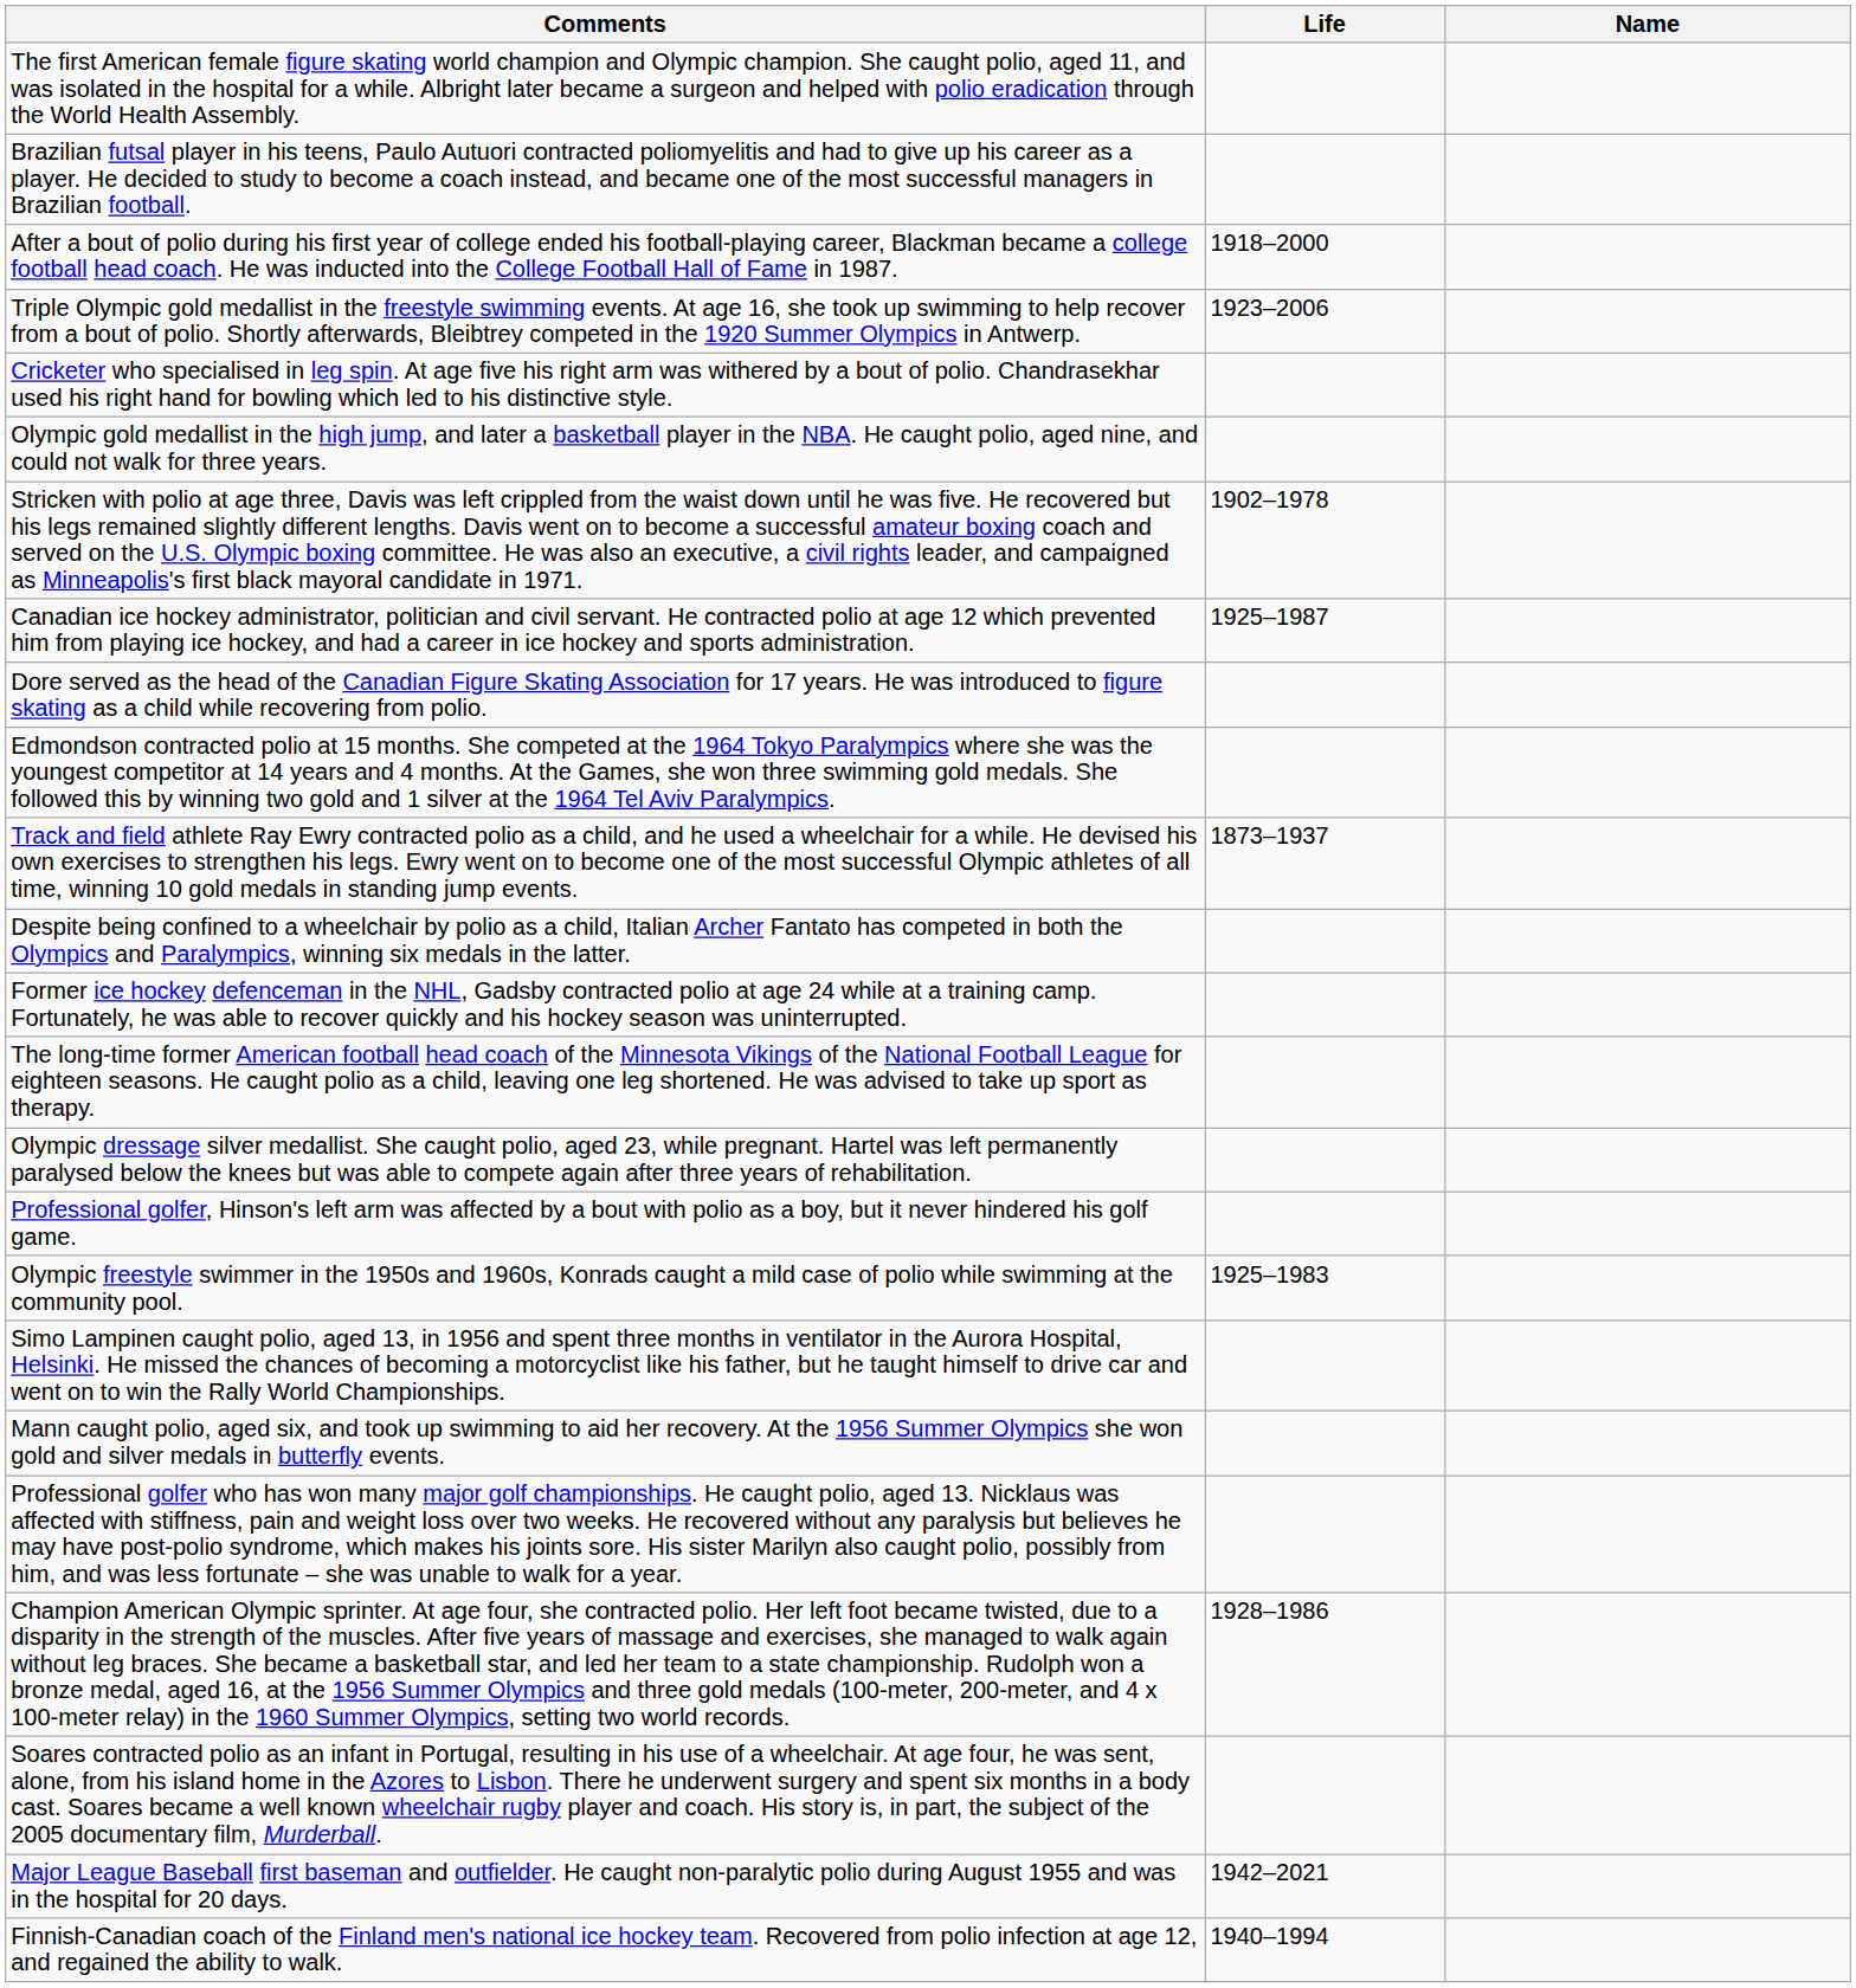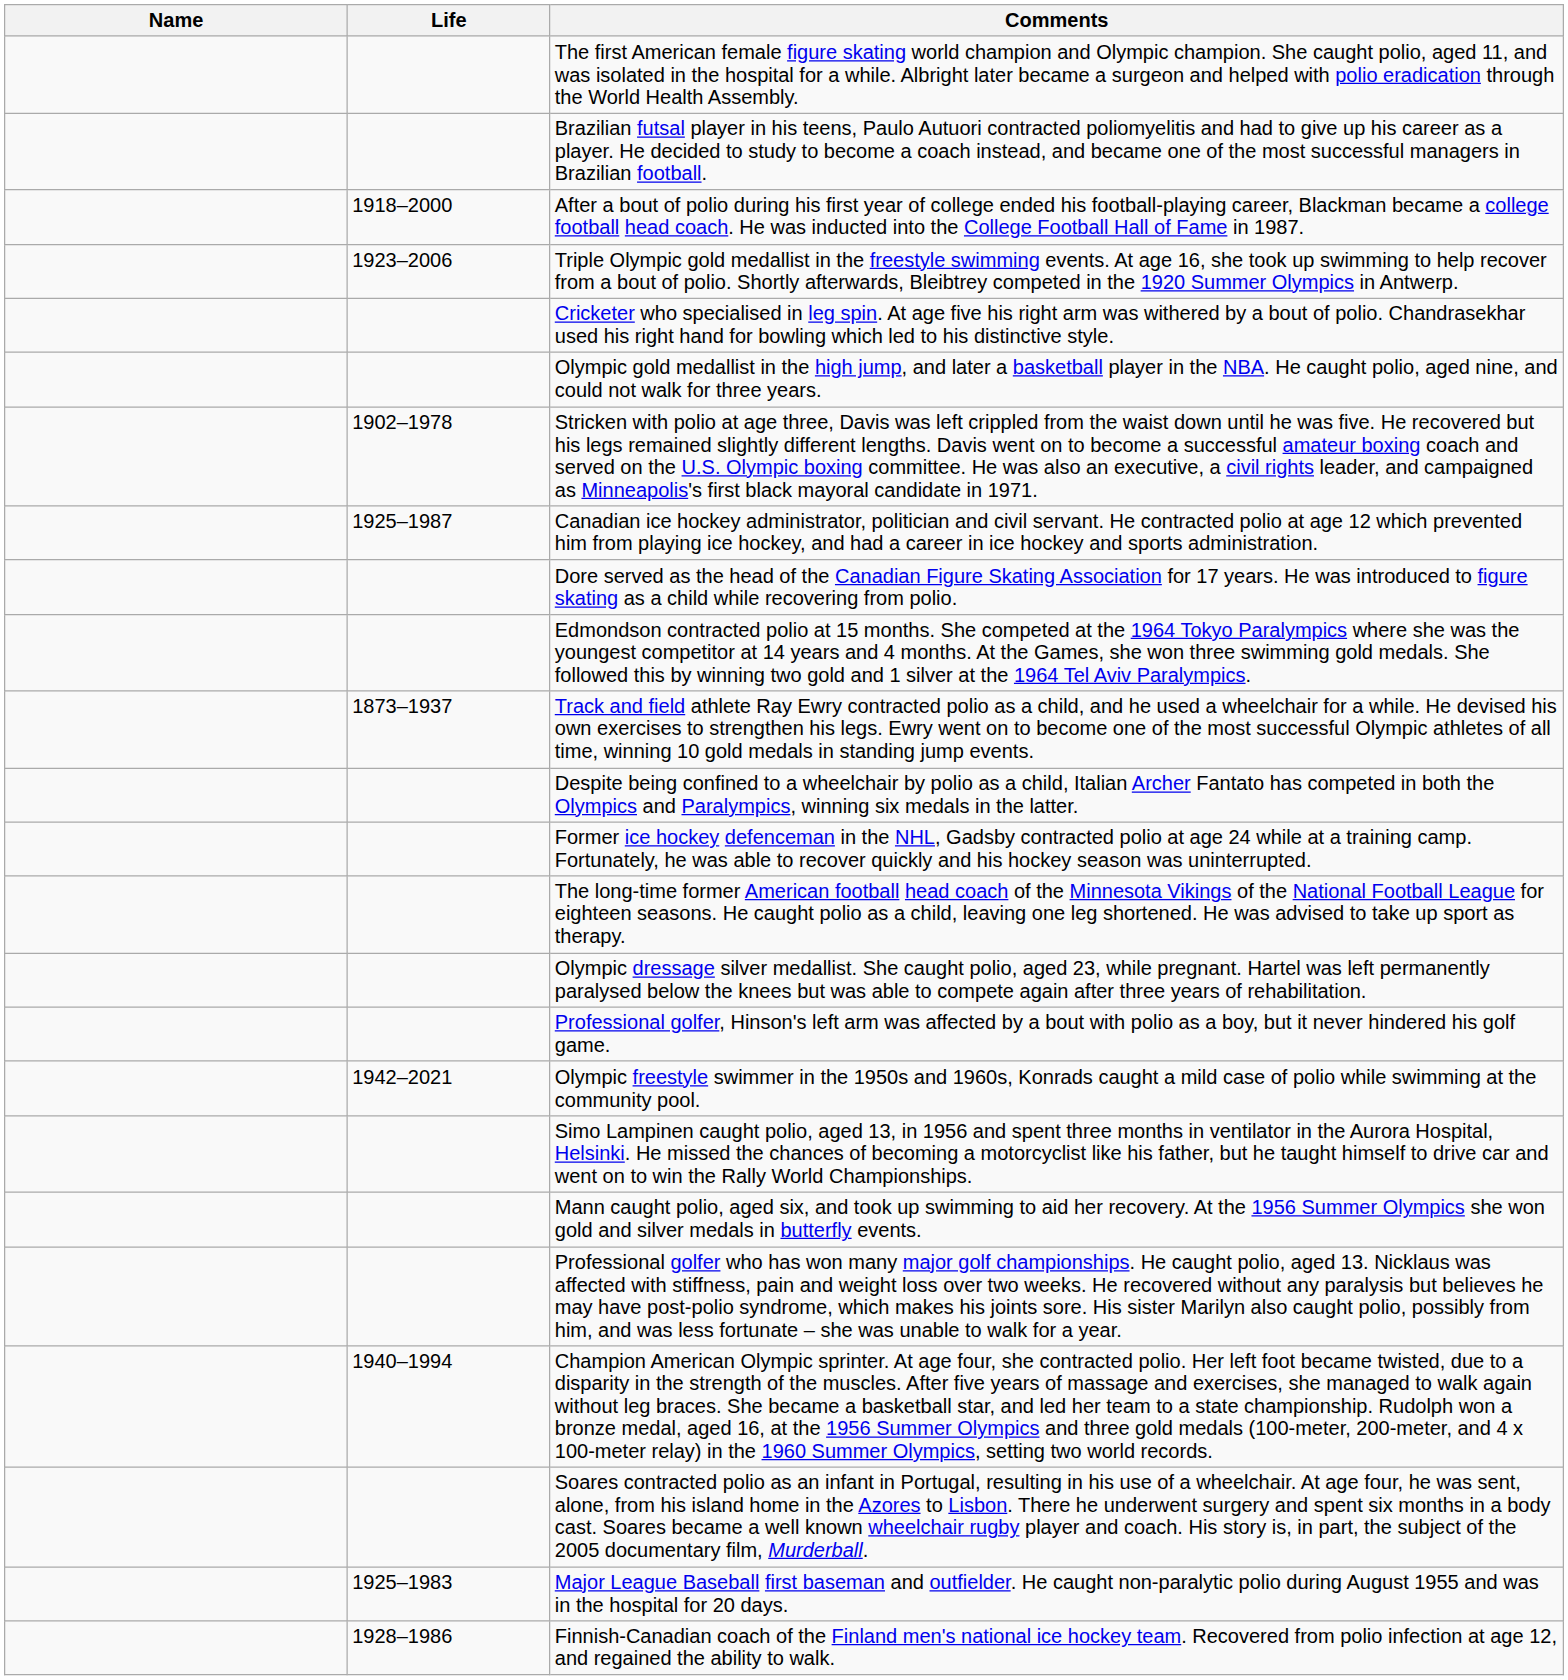 <table class="sortable wikitable">
 <tr>
+<th width="22%">Name</th>
+<th width="13%">Life</th>
 <th class="unsortable" width="65%">Comments</th>
-<th width="13%">Life</th>
-<th width="22%">Name</th>
 </tr>
 <tr valign="top">
-<td>The first American female <a href='#'>figure skating</a> world champion and Olympic champion. She caught polio, aged 11, and was isolated in the hospital for a while. Albright later became a surgeon and helped with <a href='#'>polio eradication</a> through the World Health Assembly.</td>
 <td></td>
 <td></td>
+<td>The first American female <a href='#'>figure skating</a> world champion and Olympic champion. She caught polio, aged 11, and was isolated in the hospital for a while. Albright later became a surgeon and helped with <a href='#'>polio eradication</a> through the World Health Assembly.</td>
 </tr>
 <tr valign="top">
-<td>Brazilian <a href='#'>futsal</a> player in his teens, Paulo Autuori contracted poliomyelitis and had to give up his career as a player. He decided to study to become a coach instead, and became one of the most successful managers in Brazilian <a href='#'>football</a>.</td>
 <td></td>
 <td></td>
+<td>Brazilian <a href='#'>futsal</a> player in his teens, Paulo Autuori contracted poliomyelitis and had to give up his career as a player. He decided to study to become a coach instead, and became one of the most successful managers in Brazilian <a href='#'>football</a>.</td>
 </tr>
 <tr valign="top">
+<td></td>
+<td>1918–2000</td>
 <td>After a bout of polio during his first year of college ended his football-playing career, Blackman became a <a href='#'>college football</a> <a href='#'>head coach</a>. He was inducted into the <a href='#'>College Football Hall of Fame</a> in 1987.</td>
-<td>1918–2000</td>
-<td></td>
 </tr>
 <tr valign="top">
+<td></td>
+<td>1923–2006</td>
 <td>Triple Olympic gold medallist in the <a href='#'>freestyle swimming</a> events. At age 16, she took up swimming to help recover from a bout of polio. Shortly afterwards, Bleibtrey competed in the <a href='#'>1920 Summer Olympics</a> in Antwerp.</td>
-<td>1923–2006</td>
-<td></td>
 </tr>
 <tr valign="top">
-<td><a href='#'>Cricketer</a> who specialised in <a href='#'>leg spin</a>. At age five his right arm was withered by a bout of polio. Chandrasekhar used his right hand for bowling which led to his distinctive style.</td>
 <td></td>
 <td></td>
+<td><a href='#'>Cricketer</a> who specialised in <a href='#'>leg spin</a>. At age five his right arm was withered by a bout of polio. Chandrasekhar used his right hand for bowling which led to his distinctive style.</td>
 </tr>
 <tr valign="top">
-<td>Olympic gold medallist in the <a href='#'>high jump</a>, and later a <a href='#'>basketball</a> player in the <a href='#'>NBA</a>. He caught polio, aged nine, and could not walk for three years.</td>
 <td></td>
 <td></td>
+<td>Olympic gold medallist in the <a href='#'>high jump</a>, and later a <a href='#'>basketball</a> player in the <a href='#'>NBA</a>. He caught polio, aged nine, and could not walk for three years.</td>
 </tr>
 <tr valign="top">
+<td></td>
+<td>1902–1978</td>
 <td>Stricken with polio at age three, Davis was left crippled from the waist down until he was five. He recovered but his legs remained slightly different lengths. Davis went on to become a successful <a href='#'>amateur boxing</a> coach and served on the <a href='#'>U.S. Olympic boxing</a> committee. He was also an executive, a <a href='#'>civil rights</a> leader, and campaigned as <a href='#'>Minneapolis</a>'s first black mayoral candidate in 1971.</td>
-<td>1902–1978</td>
-<td></td>
 </tr>
 <tr valign="top">
+<td></td>
+<td>1925–1987</td>
 <td>Canadian ice hockey administrator, politician and civil servant. He contracted polio at age 12 which prevented him from playing ice hockey, and had a career in ice hockey and sports administration.</td>
-<td>1925–1987</td>
-<td></td>
 </tr>
 <tr valign="top">
-<td>Dore served as the head of the <a href='#'>Canadian Figure Skating Association</a> for 17 years. He was introduced to <a href='#'>figure skating</a> as a child while recovering from polio.</td>
 <td></td>
 <td></td>
+<td>Dore served as the head of the <a href='#'>Canadian Figure Skating Association</a> for 17 years. He was introduced to <a href='#'>figure skating</a> as a child while recovering from polio.</td>
 </tr>
 <tr valign="top">
-<td>Edmondson contracted polio at 15 months. She competed at the <a href='#'>1964 Tokyo Paralympics</a> where she was the youngest competitor at 14 years and 4 months. At the Games, she won three swimming gold medals. She followed this by winning two gold and 1 silver at the <a href='#'>1964 Tel Aviv Paralympics</a>.</td>
 <td></td>
 <td></td>
+<td>Edmondson contracted polio at 15 months. She competed at the <a href='#'>1964 Tokyo Paralympics</a> where she was the youngest competitor at 14 years and 4 months. At the Games, she won three swimming gold medals. She followed this by winning two gold and 1 silver at the <a href='#'>1964 Tel Aviv Paralympics</a>.</td>
 </tr>
 <tr valign="top">
+<td></td>
+<td>1873–1937</td>
 <td><a href='#'>Track and field</a> athlete Ray Ewry contracted polio as a child, and he used a wheelchair for a while. He devised his own exercises to strengthen his legs.  Ewry went on to become one of the most successful Olympic athletes of all time, winning 10 gold medals in standing jump events.</td>
-<td>1873–1937</td>
-<td></td>
 </tr>
 <tr valign="top">
-<td>Despite being confined to a wheelchair by polio as a child, Italian <a href='#'>Archer</a> Fantato has competed in both the <a href='#'>Olympics</a> and <a href='#'>Paralympics</a>, winning six medals in the latter.</td>
 <td></td>
 <td></td>
+<td>Despite being confined to a wheelchair by polio as a child, Italian <a href='#'>Archer</a> Fantato has competed in both the <a href='#'>Olympics</a> and <a href='#'>Paralympics</a>, winning six medals in the latter.</td>
 </tr>
 <tr valign="top">
-<td>Former <a href='#'>ice hockey</a> <a href='#'>defenceman</a> in the <a href='#'>NHL</a>, Gadsby contracted polio at age 24 while at a training camp. Fortunately, he was able to recover quickly and his hockey season was uninterrupted.</td>
 <td></td>
 <td></td>
+<td>Former <a href='#'>ice hockey</a> <a href='#'>defenceman</a> in the <a href='#'>NHL</a>, Gadsby contracted polio at age 24 while at a training camp. Fortunately, he was able to recover quickly and his hockey season was uninterrupted.</td>
 </tr>
 <tr valign="top">
-<td>The long-time former <a href='#'>American football</a> <a href='#'>head coach</a> of the <a href='#'>Minnesota Vikings</a> of the <a href='#'>National Football League</a> for eighteen seasons. He caught polio as a child, leaving one leg shortened. He was advised to take up sport as therapy.</td>
 <td></td>
 <td></td>
+<td>The long-time former <a href='#'>American football</a> <a href='#'>head coach</a> of the <a href='#'>Minnesota Vikings</a> of the <a href='#'>National Football League</a> for eighteen seasons. He caught polio as a child, leaving one leg shortened. He was advised to take up sport as therapy.</td>
 </tr>
 <tr valign="top">
-<td>Olympic <a href='#'>dressage</a> silver medallist. She caught polio, aged 23, while pregnant. Hartel was left permanently paralysed below the knees but was able to compete again after three years of rehabilitation.</td>
 <td></td>
 <td></td>
+<td>Olympic <a href='#'>dressage</a> silver medallist. She caught polio, aged 23, while pregnant. Hartel was left permanently paralysed below the knees but was able to compete again after three years of rehabilitation.</td>
 </tr>
 <tr valign="top">
-<td><a href='#'>Professional golfer</a>, Hinson's left arm was affected by a bout with polio as a boy, but it never hindered his golf game.</td>
 <td></td>
 <td></td>
+<td><a href='#'>Professional golfer</a>, Hinson's left arm was affected by a bout with polio as a boy, but it never hindered his golf game.</td>
 </tr>
 <tr valign="top">
+<td></td>
+<td>1942–2021</td>
 <td>Olympic <a href='#'>freestyle</a> swimmer in the 1950s and 1960s, Konrads caught a mild case of polio while swimming at the community pool.</td>
-<td>1925–1983</td>
-<td></td>
 </tr>
 <tr valign="top">
-<td>Simo Lampinen caught polio, aged 13, in 1956 and spent three months in ventilator in the Aurora Hospital, <a href='#'>Helsinki</a>. He missed the chances of becoming a motorcyclist like his father, but he taught himself to drive car and went on to win the Rally World Championships.</td>
 <td></td>
 <td></td>
+<td>Simo Lampinen caught polio, aged 13, in 1956 and spent three months in ventilator in the Aurora Hospital, <a href='#'>Helsinki</a>. He missed the chances of becoming a motorcyclist like his father, but he taught himself to drive car and went on to win the Rally World Championships.</td>
 </tr>
 <tr valign="top">
-<td>Mann caught polio, aged six, and took up swimming to aid her recovery. At the <a href='#'>1956 Summer Olympics</a> she won gold and silver medals in <a href='#'>butterfly</a> events.</td>
 <td></td>
 <td></td>
+<td>Mann caught polio, aged six, and took up swimming to aid her recovery. At the <a href='#'>1956 Summer Olympics</a> she won gold and silver medals in <a href='#'>butterfly</a> events.</td>
 </tr>
 <tr valign="top">
-<td>Professional <a href='#'>golfer</a> who has won many <a href='#'>major golf championships</a>. He caught polio, aged 13.  Nicklaus was affected with stiffness, pain and weight loss over two weeks. He recovered without any paralysis but believes he may have post-polio syndrome, which makes his joints sore. His sister Marilyn also caught polio, possibly from him, and was less fortunate – she was unable to walk for a year.</td>
 <td></td>
 <td></td>
+<td>Professional <a href='#'>golfer</a> who has won many <a href='#'>major golf championships</a>. He caught polio, aged 13.  Nicklaus was affected with stiffness, pain and weight loss over two weeks. He recovered without any paralysis but believes he may have post-polio syndrome, which makes his joints sore. His sister Marilyn also caught polio, possibly from him, and was less fortunate – she was unable to walk for a year.</td>
 </tr>
 <tr valign="top">
+<td></td>
+<td>1940–1994</td>
 <td>Champion American Olympic sprinter. At age four, she contracted polio. Her left foot became twisted, due to a disparity in the strength of the muscles. After five years of massage and exercises, she managed to walk again without leg braces. She became a basketball star, and led her team to a state championship. Rudolph won a bronze medal, aged 16, at the <a href='#'>1956 Summer Olympics</a> and three gold medals (100-meter, 200-meter, and 4 x 100-meter relay) in the <a href='#'>1960 Summer Olympics</a>, setting two world records.</td>
-<td>1928–1986</td>
-<td></td>
 </tr>
 <tr valign="top">
-<td>Soares contracted polio as an infant in Portugal, resulting in his use of a wheelchair. At age four, he was sent, alone, from his island home in the <a href='#'>Azores</a> to <a href='#'>Lisbon</a>. There he underwent surgery and spent six months in a body cast. Soares became a well known <a href='#'>wheelchair rugby</a> player and coach. His story is, in part, the subject of the 2005 documentary film, <em><a href='#'>Murderball</a></em>.</td>
 <td></td>
 <td></td>
+<td>Soares contracted polio as an infant in Portugal, resulting in his use of a wheelchair. At age four, he was sent, alone, from his island home in the <a href='#'>Azores</a> to <a href='#'>Lisbon</a>. There he underwent surgery and spent six months in a body cast. Soares became a well known <a href='#'>wheelchair rugby</a> player and coach. His story is, in part, the subject of the 2005 documentary film, <em><a href='#'>Murderball</a></em>.</td>
 </tr>
 <tr valign="top">
+<td></td>
+<td>1925–1983</td>
 <td><a href='#'>Major League Baseball</a> <a href='#'>first baseman</a> and <a href='#'>outfielder</a>. He caught non-paralytic polio during August 1955 and was in the hospital for 20 days.</td>
-<td>1942–2021</td>
-<td></td>
 </tr>
 <tr valign="top">
+<td></td>
+<td>1928–1986</td>
 <td>Finnish-Canadian coach of the <a href='#'>Finland men's national ice hockey team</a>. Recovered from polio infection at age 12, and regained the ability to walk.</td>
-<td>1940–1994</td>
-<td></td>
 </tr>
 </table>
